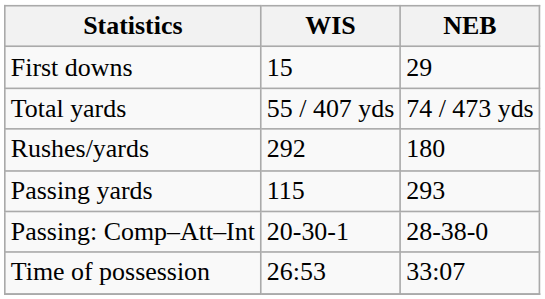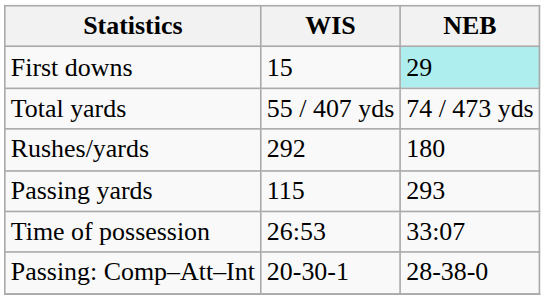 <table class="wikitable" style="float: left;">
 <tr>
 <th>Statistics</th>
 <th>WIS</th>
 <th>NEB</th>
 </tr>
 <tr>
 <td>First downs</td>
 <td>15</td>
-<td>29</td>
+<td style="background: paleturquoise;">29</td>
 </tr>
 <tr>
 <td>Total yards</td>
 <td>55 / 407 yds</td>
 <td>74 / 473 yds</td>
 </tr>
 <tr>
 <td>Rushes/yards</td>
 <td>292</td>
 <td>180</td>
 </tr>
 <tr>
 <td>Passing yards</td>
 <td>115</td>
 <td>293</td>
 </tr>
 <tr>
+<td>Time of possession</td>
+<td>26:53</td>
+<td>33:07</td>
+</tr>
+<tr>
 <td>Passing: Comp–Att–Int</td>
 <td>20-30-1</td>
 <td>28-38-0</td>
 </tr>
 <tr>
-<td>Time of possession</td>
-<td>26:53</td>
-<td>33:07</td>
-</tr>
-<tr>
 </tr>
 </table>
